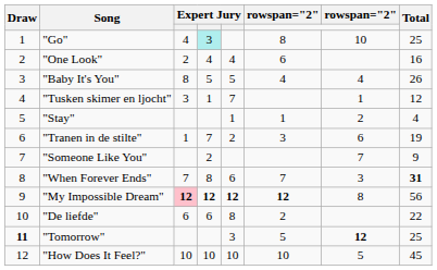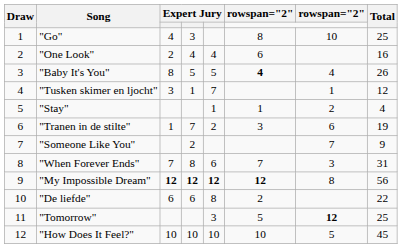 <table class="wikitable collapsible" style="margin: 1em auto 1em auto; text-align:center;">
 <tr>
 <th rowspan="2">Draw</th>
 <th rowspan="2">Song</th>
 <th colspan="3">Expert Jury</th>
 <th>rowspan="2" </th>
 <th>rowspan="2" </th>
 <th rowspan="2">Total</th>
 </tr>
 <tr>
 <th></th>
 <th></th>
 <th></th>
 </tr>
 <tr>
 <td>1</td>
 <td align="left">"Go"</td>
 <td>4</td>
-<td style="background: paleturquoise;">3</td>
+<td>3</td>
 <td></td>
 <td>8</td>
 <td>10</td>
 <td>25</td>
 </tr>
 <tr>
 <td>2</td>
 <td align="left">"One Look"</td>
 <td>2</td>
 <td>4</td>
 <td>4</td>
 <td>6</td>
 <td></td>
 <td>16</td>
 </tr>
 <tr>
 <td>3</td>
 <td align="left">"Baby It's You"</td>
 <td>8</td>
 <td>5</td>
 <td>5</td>
-<td>4</td>
+<td><strong>4</strong></td>
 <td>4</td>
 <td>26</td>
 </tr>
 <tr>
 <td>4</td>
 <td align="left">"Tusken skimer en ljocht"</td>
 <td>3</td>
 <td>1</td>
 <td>7</td>
 <td></td>
 <td>1</td>
 <td>12</td>
 </tr>
 <tr>
 <td>5</td>
 <td align="left">"Stay"</td>
 <td></td>
 <td></td>
 <td>1</td>
 <td>1</td>
 <td>2</td>
 <td>4</td>
 </tr>
 <tr>
 <td>6</td>
 <td align="left">"Tranen in de stilte"</td>
 <td>1</td>
 <td>7</td>
 <td>2</td>
 <td>3</td>
 <td>6</td>
 <td>19</td>
 </tr>
 <tr>
 <td>7</td>
 <td align="left">"Someone Like You"</td>
 <td></td>
 <td>2</td>
 <td></td>
 <td></td>
 <td>7</td>
 <td>9</td>
 </tr>
 <tr>
 <td>8</td>
 <td align="left">"When Forever Ends"</td>
 <td>7</td>
 <td>8</td>
 <td>6</td>
 <td>7</td>
 <td>3</td>
-<td><strong>31</strong></td>
+<td>31</td>
 </tr>
 <tr>
 <td>9</td>
 <td align="left">"My Impossible Dream"</td>
-<td style="background: pink;"><strong>12</strong></td>
+<td><strong>12</strong></td>
 <td><strong>12</strong></td>
 <td><strong>12</strong></td>
 <td><strong>12</strong></td>
 <td>8</td>
 <td>56</td>
 </tr>
 <tr>
 <td>10</td>
 <td align="left">"De liefde"</td>
 <td>6</td>
 <td>6</td>
 <td>8</td>
 <td>2</td>
 <td></td>
 <td>22</td>
 </tr>
 <tr>
-<td><strong>11</strong></td>
+<td>11</td>
 <td align="left">"Tomorrow"</td>
 <td></td>
 <td></td>
 <td>3</td>
 <td>5</td>
 <td><strong>12</strong></td>
 <td>25</td>
 </tr>
 <tr>
 <td>12</td>
 <td align="left">"How Does It Feel?"</td>
 <td>10</td>
 <td>10</td>
 <td>10</td>
 <td>10</td>
 <td>5</td>
 <td>45</td>
 </tr>
 </table>
